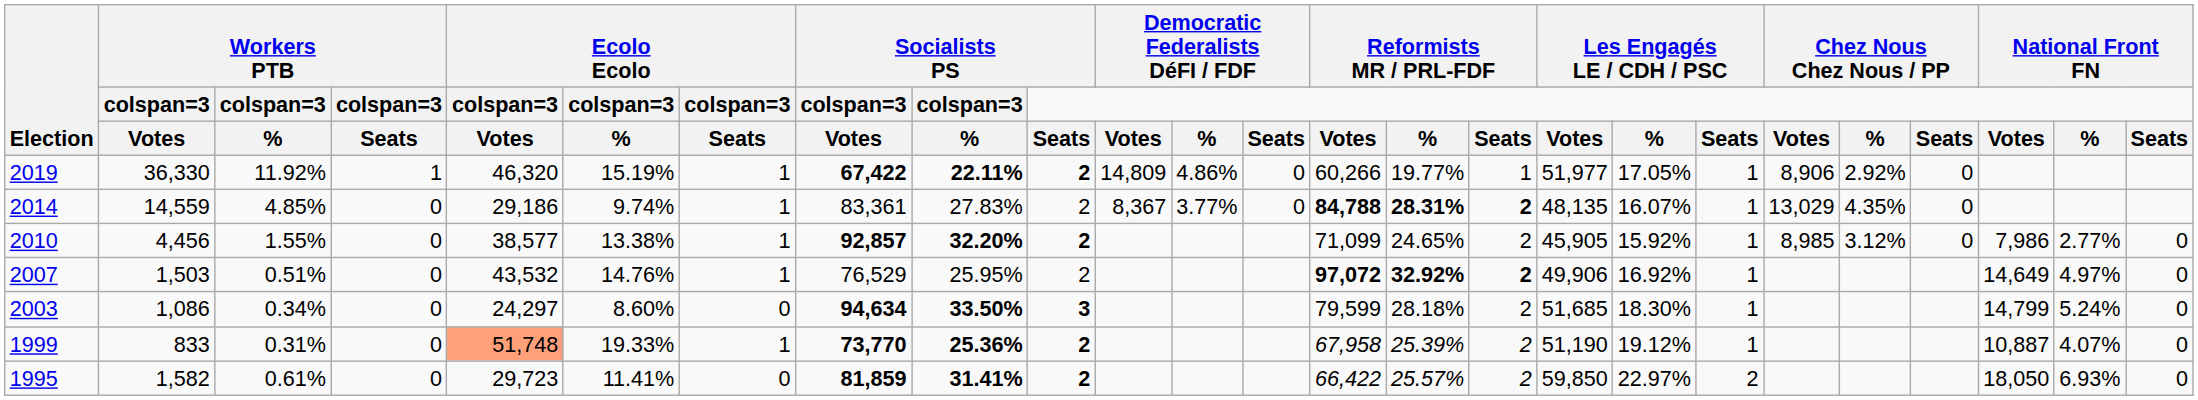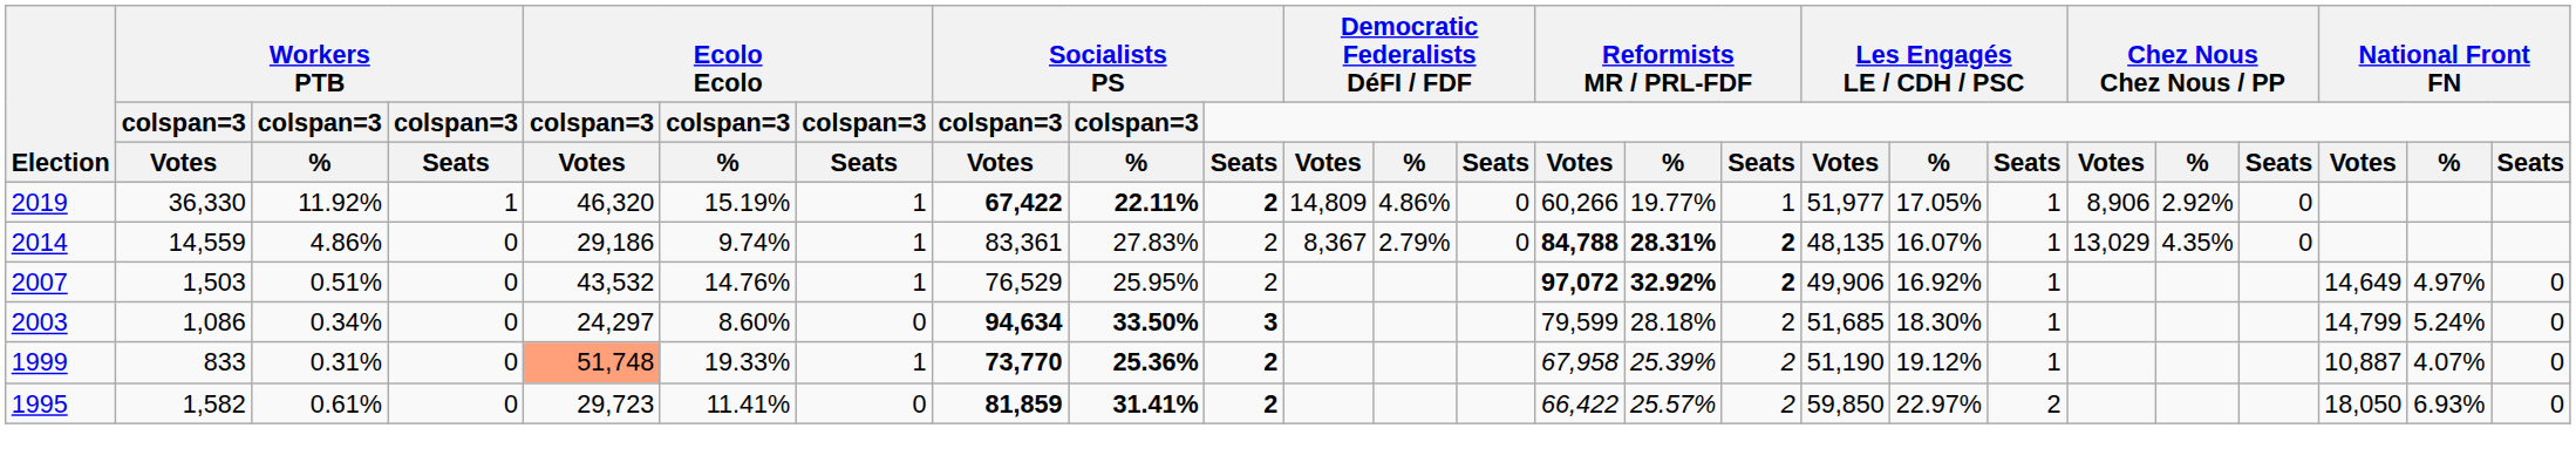 <table class="wikitable" border="1" style="font-size:95%; text-align:right;">
 <tr>
 <th style="text-align:left;" valign=bottom rowspan=3>Election</th>
 <th valign=bottom colspan=3><a href='#'>Workers</a><br>PTB</th>
 <th valign=bottom colspan=3><a href='#'>Ecolo</a><br>Ecolo</th>
 <th valign=bottom colspan=3><a href='#'>Socialists</a><br>PS</th>
 <th valign=bottom colspan=3><a href='#'>Democratic Federalists</a><br>DéFI / FDF</th>
 <th valign=bottom colspan=3><a href='#'>Reformists</a><br>MR / PRL-FDF</th>
 <th valign=bottom colspan=3><a href='#'>Les Engagés</a><br>LE / CDH / PSC</th>
 <th valign=bottom colspan=3><a href='#'>Chez Nous</a><br>Chez Nous / PP</th>
 <th valign=bottom colspan=3><a href='#'>National Front</a><br>FN</th>
 </tr>
 <tr>
 <th>colspan=3 </th>
 <th>colspan=3 </th>
 <th>colspan=3 </th>
 <th>colspan=3 </th>
 <th>colspan=3 </th>
 <th>colspan=3 </th>
 <th>colspan=3 </th>
 <th>colspan=3 </th>
 </tr>
 <tr>
 <th>Votes</th>
 <th>%</th>
 <th>Seats</th>
 <th>Votes</th>
 <th>%</th>
 <th>Seats</th>
 <th>Votes</th>
 <th>%</th>
 <th>Seats</th>
 <th>Votes</th>
 <th>%</th>
 <th>Seats</th>
 <th>Votes</th>
 <th>%</th>
 <th>Seats</th>
 <th>Votes</th>
 <th>%</th>
 <th>Seats</th>
 <th>Votes</th>
 <th>%</th>
 <th>Seats</th>
 <th>Votes</th>
 <th>%</th>
 <th>Seats</th>
 </tr>
 <tr>
 <td align=left><a href='#'>2019</a></td>
 <td>36,330</td>
 <td>11.92%</td>
 <td>1</td>
 <td>46,320</td>
 <td>15.19%</td>
 <td>1</td>
 <td><strong>67,422</strong></td>
 <td><strong>22.11%</strong></td>
 <td><strong>2</strong></td>
 <td>14,809</td>
 <td>4.86%</td>
 <td>0</td>
 <td>60,266</td>
 <td>19.77%</td>
 <td>1</td>
 <td>51,977</td>
 <td>17.05%</td>
 <td>1</td>
 <td>8,906</td>
 <td>2.92%</td>
 <td>0</td>
 <td></td>
 <td></td>
 <td></td>
 </tr>
 <tr>
 <td align=left><a href='#'>2014</a></td>
 <td>14,559</td>
-<td>4.85%</td>
+<td>4.86%</td>
 <td>0</td>
 <td>29,186</td>
 <td>9.74%</td>
 <td>1</td>
 <td>83,361</td>
 <td>27.83%</td>
 <td>2</td>
 <td>8,367</td>
-<td>3.77%</td>
+<td>2.79%</td>
 <td>0</td>
 <td><strong>84,788</strong></td>
 <td><strong>28.31%</strong></td>
 <td><strong>2</strong></td>
 <td>48,135</td>
 <td>16.07%</td>
 <td>1</td>
 <td>13,029</td>
 <td>4.35%</td>
 <td>0</td>
 <td></td>
 <td></td>
 <td></td>
-</tr>
-<tr>
-<td align=left><a href='#'>2010</a></td>
-<td>4,456</td>
-<td>1.55%</td>
-<td>0</td>
-<td>38,577</td>
-<td>13.38%</td>
-<td>1</td>
-<td><strong>92,857</strong></td>
-<td><strong>32.20%</strong></td>
-<td><strong>2</strong></td>
-<td></td>
-<td></td>
-<td></td>
-<td>71,099</td>
-<td>24.65%</td>
-<td>2</td>
-<td>45,905</td>
-<td>15.92%</td>
-<td>1</td>
-<td>8,985</td>
-<td>3.12%</td>
-<td>0</td>
-<td>7,986</td>
-<td>2.77%</td>
-<td>0</td>
 </tr>
 <tr>
 <td align=left><a href='#'>2007</a></td>
 <td>1,503</td>
 <td>0.51%</td>
 <td>0</td>
 <td>43,532</td>
 <td>14.76%</td>
 <td>1</td>
 <td>76,529</td>
 <td>25.95%</td>
 <td>2</td>
 <td></td>
 <td></td>
 <td></td>
 <td><strong>97,072</strong></td>
 <td><strong>32.92%</strong></td>
 <td><strong>2</strong></td>
 <td>49,906</td>
 <td>16.92%</td>
 <td>1</td>
 <td></td>
 <td></td>
 <td></td>
 <td>14,649</td>
 <td>4.97%</td>
 <td>0</td>
 </tr>
 <tr>
 <td align=left><a href='#'>2003</a></td>
 <td>1,086</td>
 <td>0.34%</td>
 <td>0</td>
 <td>24,297</td>
 <td>8.60%</td>
 <td>0</td>
 <td><strong>94,634</strong></td>
 <td><strong>33.50%</strong></td>
 <td><strong>3</strong></td>
 <td></td>
 <td></td>
 <td></td>
 <td>79,599</td>
 <td>28.18%</td>
 <td>2</td>
 <td>51,685</td>
 <td>18.30%</td>
 <td>1</td>
 <td></td>
 <td></td>
 <td></td>
 <td>14,799</td>
 <td>5.24%</td>
 <td>0</td>
 </tr>
 <tr>
 <td align=left><a href='#'>1999</a></td>
 <td>833</td>
 <td>0.31%</td>
 <td>0</td>
 <td style="background: lightsalmon;">51,748</td>
 <td>19.33%</td>
 <td>1</td>
 <td><strong>73,770</strong></td>
 <td><strong>25.36%</strong></td>
 <td><strong>2</strong></td>
 <td></td>
 <td></td>
 <td></td>
 <td><em>67,958</em></td>
 <td><em>25.39%</em></td>
 <td><em>2</em></td>
 <td>51,190</td>
 <td>19.12%</td>
 <td>1</td>
 <td></td>
 <td></td>
 <td></td>
 <td>10,887</td>
 <td>4.07%</td>
 <td>0</td>
 </tr>
 <tr>
 <td align=left><a href='#'>1995</a></td>
 <td>1,582</td>
 <td>0.61%</td>
 <td>0</td>
 <td>29,723</td>
 <td>11.41%</td>
 <td>0</td>
 <td><strong>81,859</strong></td>
 <td><strong>31.41%</strong></td>
 <td><strong>2</strong></td>
 <td></td>
 <td></td>
 <td></td>
 <td><em>66,422</em></td>
 <td><em>25.57%</em></td>
 <td><em>2</em></td>
 <td>59,850</td>
 <td>22.97%</td>
 <td>2</td>
 <td></td>
 <td></td>
 <td></td>
 <td>18,050</td>
 <td>6.93%</td>
 <td>0</td>
 </tr>
 </table>
